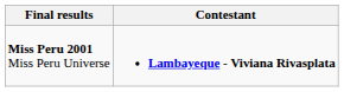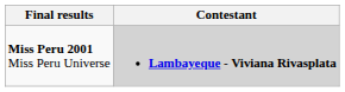 <table class="wikitable sortable">
 <tr>
 <th>Final results</th>
 <th>Contestant</th>
 </tr>
 <tr>
 <td><strong>Miss Peru 2001</strong><br>Miss Peru Universe</td>
-<td><br><ul><li> <strong><a href='#'>Lambayeque</a></strong> - <strong>Viviana Rivasplata</strong></li></ul></td>
+<td style="background: lightgrey;"><br><ul><li> <strong><a href='#'>Lambayeque</a></strong> - <strong>Viviana Rivasplata</strong></li></ul></td>
 </tr>
 </table>
